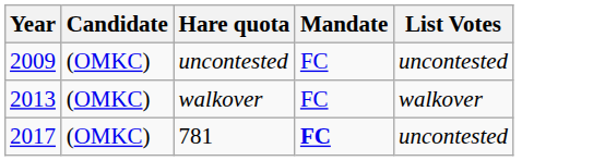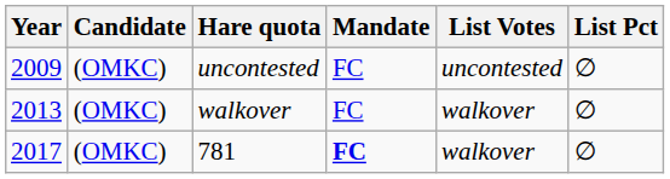 <table class="wikitable" style="margin:0.5em ; font-size:95%">
 <tr>
 <th>Year</th>
 <th>Candidate</th>
 <th>Hare quota</th>
 <th>Mandate</th>
 <th>List Votes</th>
+<th>List Pct</th>
 </tr>
 <tr>
 <td><a href='#'>2009</a></td>
 <td> (<a href='#'>OMKC</a>)</td>
 <td><em>uncontested</em></td>
 <td><a href='#'>FC</a></td>
 <td><em>uncontested</em></td>
+<td>∅</td>
 </tr>
 <tr>
 <td><a href='#'>2013</a></td>
 <td> (<a href='#'>OMKC</a>)</td>
 <td><em>walkover</em></td>
 <td><a href='#'>FC</a></td>
 <td><em>walkover</em></td>
+<td>∅</td>
 </tr>
 <tr>
 <td><a href='#'>2017</a></td>
 <td> (<a href='#'>OMKC</a>)</td>
 <td>781</td>
 <td><strong><a href='#'>FC</a></strong></td>
-<td><em>uncontested</em></td>
+<td><em>walkover</em></td>
+<td>∅</td>
 </tr>
 </table>
